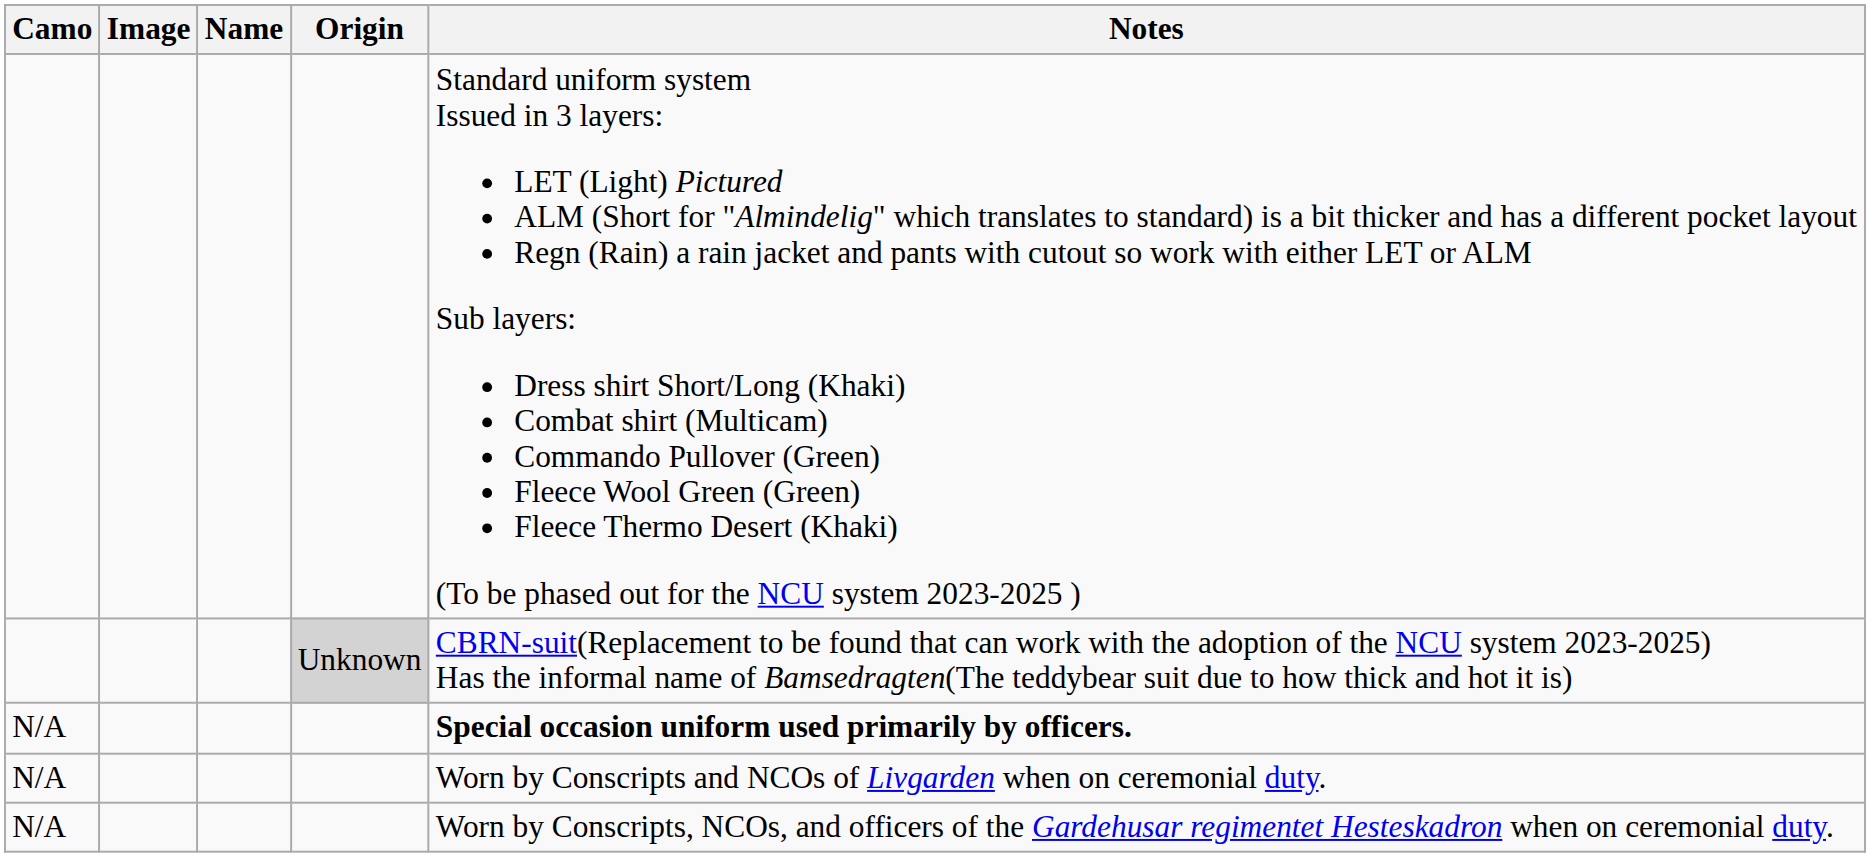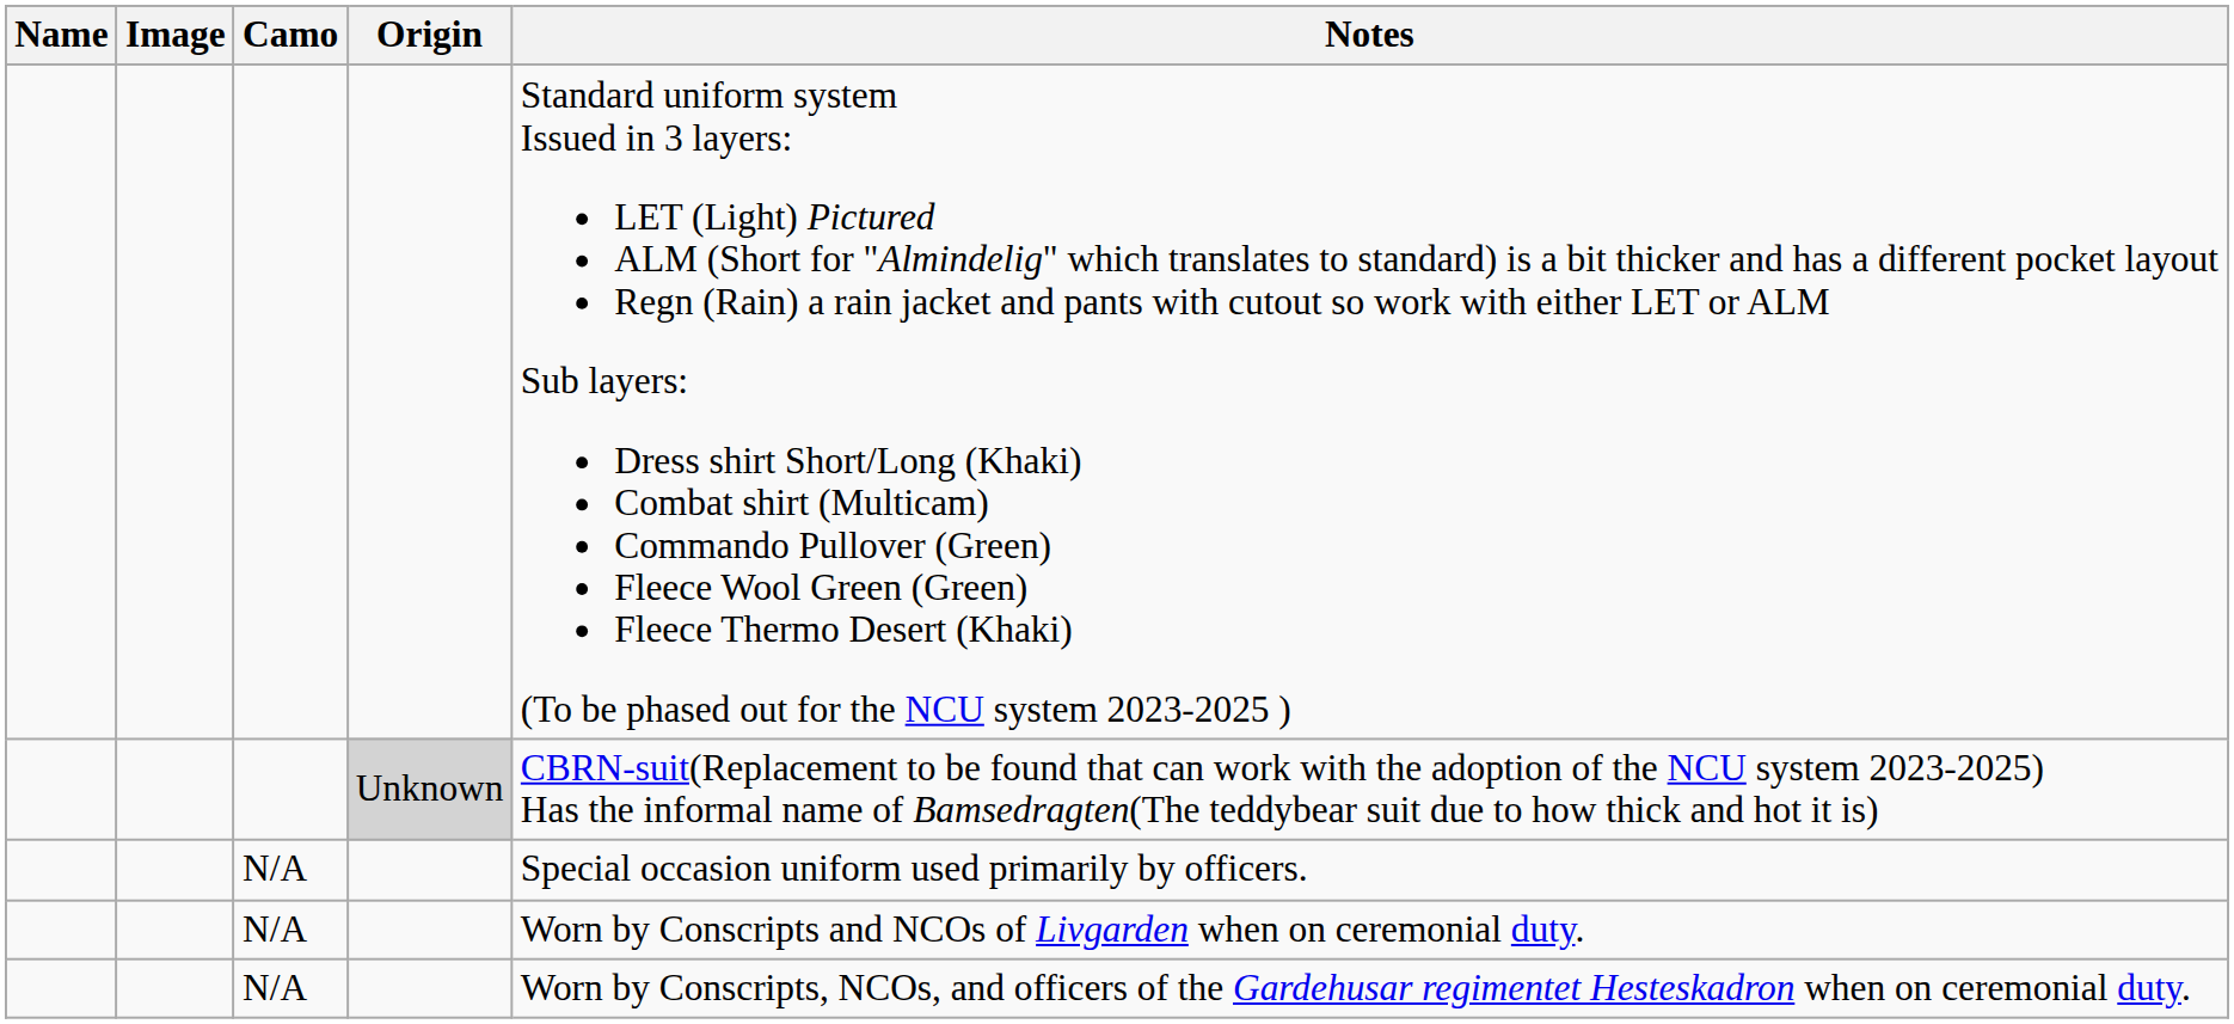 <table class="wikitable">
 <tr>
+<th>Name</th>
+<th>Image</th>
 <th>Camo</th>
-<th>Image</th>
-<th>Name</th>
 <th>Origin</th>
 <th>Notes</th>
 </tr>
 <tr>
 <td></td>
 <td></td>
 <td></td>
 <td></td>
 <td>Standard uniform system<br>Issued in 3 layers:<ul><li>LET (Light) <em>Pictured</em></li><li>ALM (Short for "<em>Almindelig</em>" which translates to standard) is a bit thicker and has a different pocket layout</li><li>Regn (Rain) a rain jacket and pants with cutout so work with either LET or ALM</li></ul>Sub layers:<ul><li>Dress shirt Short/Long (Khaki)</li><li>Combat shirt (Multicam)</li><li>Commando Pullover (Green)</li><li>Fleece Wool Green (Green)</li><li>Fleece Thermo Desert (Khaki)</li></ul>(To be phased out for the <a href='#'>NCU</a> system 2023-2025 )</td>
 </tr>
 <tr>
 <td></td>
 <td></td>
 <td></td>
 <td style="background: lightgrey;">Unknown</td>
 <td><a href='#'>CBRN-suit</a>(Replacement to be found that can work with the adoption of the <a href='#'>NCU</a> system 2023-2025)<br>Has the informal name of <em>Bamsedragten</em>(The teddybear suit due to how thick and hot it is)</td>
 </tr>
 <tr>
+<td></td>
+<td></td>
 <td>N/A</td>
 <td></td>
+<td>Special occasion uniform used primarily by officers.</td>
+</tr>
+<tr>
 <td></td>
 <td></td>
-<td><strong>Special occasion uniform used primarily by officers.</strong></td>
-</tr>
-<tr>
 <td>N/A</td>
-<td></td>
-<td></td>
 <td></td>
 <td>Worn by Conscripts and NCOs of  <a href='#'><em>Livgarden</em></a> when on ceremonial <a href='#'>duty</a>.</td>
 </tr>
 <tr>
-<td>N/A</td>
 <td></td>
 <td></td>
+<td>N/A</td>
 <td></td>
 <td>Worn by Conscripts, NCOs, and officers of the <a href='#'><em>Gardehusar regimentet Hesteskadron</em></a> when on ceremonial <a href='#'>duty</a>.</td>
 </tr>
 </table>
